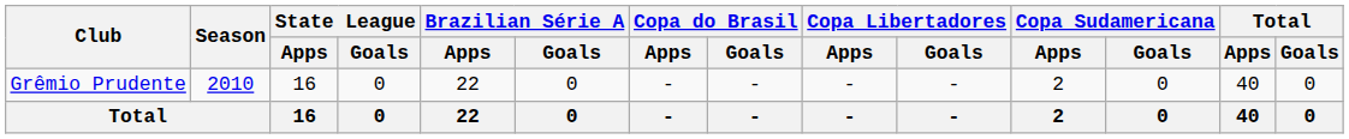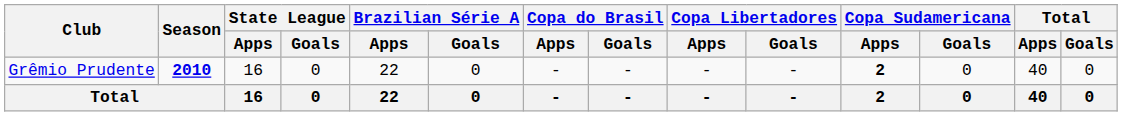 <table class="wikitable" style="text-align: center;">
 <tr>
 <th rowspan="2">Club</th>
 <th rowspan="2">Season</th>
 <th colspan="2">State League</th>
 <th colspan="2"><a href='#'>Brazilian Série A</a></th>
 <th colspan="2"><a href='#'>Copa do Brasil</a></th>
 <th colspan="2"><a href='#'>Copa Libertadores</a></th>
 <th colspan="2"><a href='#'>Copa Sudamericana</a></th>
 <th colspan="2">Total</th>
 </tr>
 <tr>
 <th>Apps</th>
 <th>Goals</th>
 <th>Apps</th>
 <th>Goals</th>
 <th>Apps</th>
 <th>Goals</th>
 <th>Apps</th>
 <th>Goals</th>
 <th>Apps</th>
 <th>Goals</th>
 <th>Apps</th>
 <th>Goals</th>
 </tr>
 <tr>
 <td rowspan="1" valign="center"><a href='#'>Grêmio Prudente</a></td>
-<td><a href='#'>2010</a></td>
+<td><strong><a href='#'>2010</a></strong></td>
 <td>16</td>
 <td>0</td>
 <td>22</td>
 <td>0</td>
 <td>-</td>
 <td>-</td>
 <td>-</td>
 <td>-</td>
-<td>2</td>
+<td><strong>2</strong></td>
 <td>0</td>
 <td>40</td>
 <td>0</td>
 </tr>
 <tr>
 <th colspan="2"><strong>Total</strong></th>
 <th>16</th>
 <th>0</th>
 <th>22</th>
 <th>0</th>
 <th>-</th>
 <th>-</th>
 <th>-</th>
 <th>-</th>
 <th>2</th>
 <th>0</th>
 <th>40</th>
 <th>0</th>
 </tr>
 </table>
